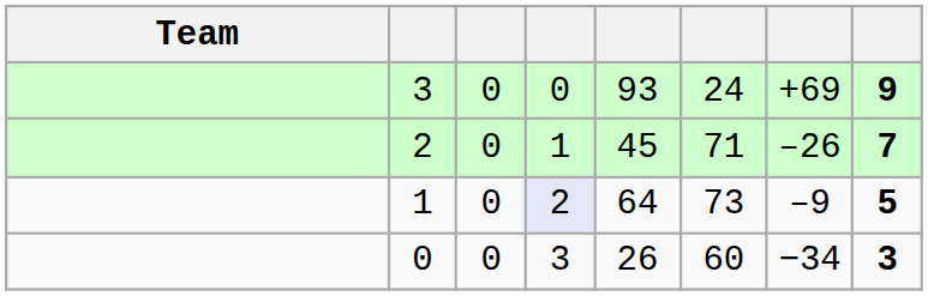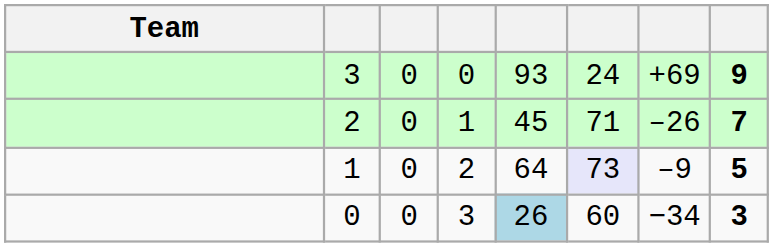 <table class="wikitable" style="text-align:center;">
 <tr>
 <th style="width:10.5em;">Team</th>
 <th style="width:1.5em;"></th>
 <th style="width:1.5em;"></th>
 <th style="width:1.5em;"></th>
 <th style="width:2.0em;"></th>
 <th style="width:2.0em;"></th>
 <th style="width:2.0em;"></th>
 <th style="width:1.5em;"></th>
 </tr>
 <tr bgcolor=ccffcc>
 <td align=left></td>
 <td>3</td>
 <td>0</td>
 <td>0</td>
 <td>93</td>
 <td>24</td>
 <td>+69</td>
 <td><strong>9</strong></td>
 </tr>
 <tr bgcolor=ccffcc>
 <td align=left></td>
 <td>2</td>
 <td>0</td>
 <td>1</td>
 <td>45</td>
 <td>71</td>
 <td>–26</td>
 <td><strong>7</strong></td>
 </tr>
 <tr>
 <td align=left></td>
 <td>1</td>
 <td>0</td>
-<td style="background: lavender;">2</td>
+<td>2</td>
 <td>64</td>
-<td>73</td>
+<td style="background: lavender;">73</td>
 <td>–9</td>
 <td><strong>5</strong></td>
 </tr>
 <tr>
 <td align=left></td>
 <td>0</td>
 <td>0</td>
 <td>3</td>
-<td>26</td>
+<td style="background: lightblue;">26</td>
 <td>60</td>
 <td>−34</td>
 <td><strong>3</strong></td>
 </tr>
 </table>
